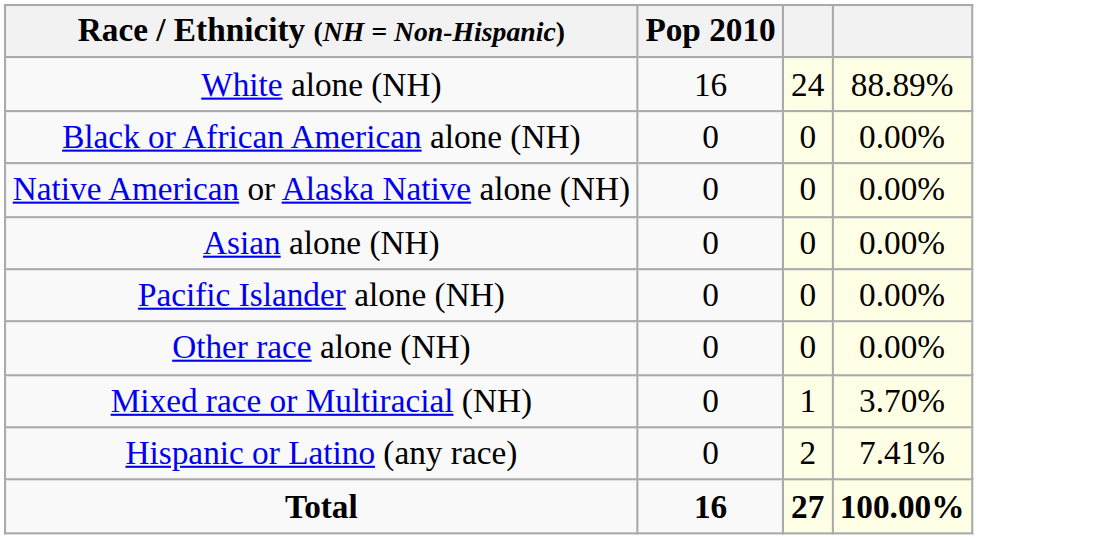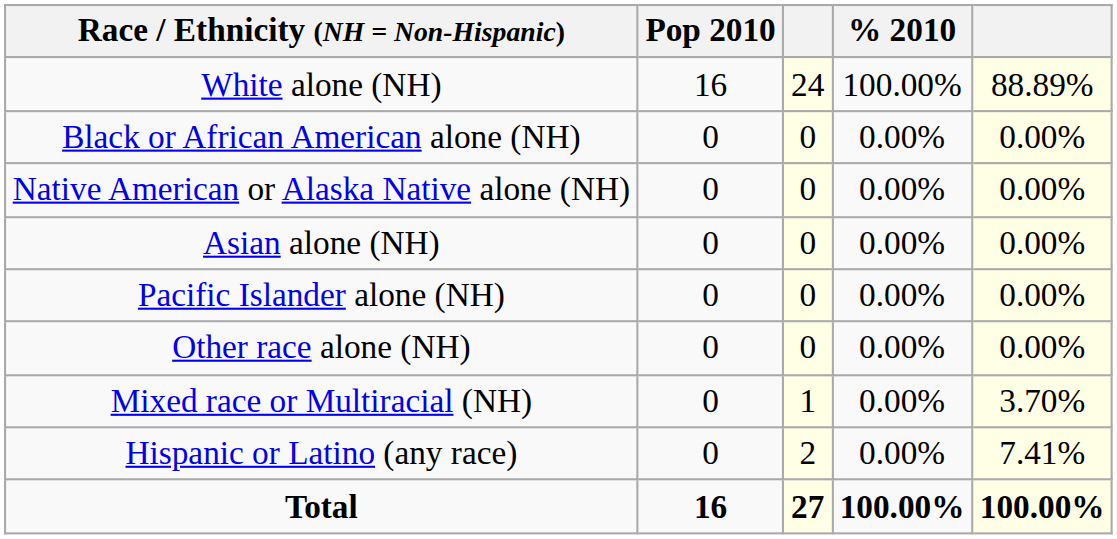 <table class="wikitable" style="text-align:center;">
 <tr>
 <th>Race / Ethnicity <small>(<em>NH = Non-Hispanic</em>)</small></th>
 <th>Pop 2010</th>
 <th></th>
+<th>% 2010</th>
 <th></th>
 </tr>
 <tr>
 <td><a href='#'>White</a> alone (NH)</td>
 <td>16</td>
 <td style='background: #ffffe6;'>24</td>
+<td>100.00%</td>
 <td style='background: #ffffe6;'>88.89%</td>
 </tr>
 <tr>
 <td><a href='#'>Black or African American</a> alone (NH)</td>
 <td>0</td>
 <td style='background: #ffffe6;'>0</td>
+<td>0.00%</td>
 <td style='background: #ffffe6;'>0.00%</td>
 </tr>
 <tr>
 <td><a href='#'>Native American</a> or <a href='#'>Alaska Native</a> alone (NH)</td>
 <td>0</td>
 <td style='background: #ffffe6;'>0</td>
+<td>0.00%</td>
 <td style='background: #ffffe6;'>0.00%</td>
 </tr>
 <tr>
 <td><a href='#'>Asian</a> alone (NH)</td>
 <td>0</td>
 <td style='background: #ffffe6;'>0</td>
+<td>0.00%</td>
 <td style='background: #ffffe6;'>0.00%</td>
 </tr>
 <tr>
 <td><a href='#'>Pacific Islander</a> alone (NH)</td>
 <td>0</td>
 <td style='background: #ffffe6;'>0</td>
+<td>0.00%</td>
 <td style='background: #ffffe6;'>0.00%</td>
 </tr>
 <tr>
 <td><a href='#'>Other race</a> alone (NH)</td>
 <td>0</td>
 <td style='background: #ffffe6;'>0</td>
+<td>0.00%</td>
 <td style='background: #ffffe6;'>0.00%</td>
 </tr>
 <tr>
 <td><a href='#'>Mixed race or Multiracial</a> (NH)</td>
 <td>0</td>
 <td style='background: #ffffe6;'>1</td>
+<td>0.00%</td>
 <td style='background: #ffffe6;'>3.70%</td>
 </tr>
 <tr>
 <td><a href='#'>Hispanic or Latino</a> (any race)</td>
 <td>0</td>
 <td style='background: #ffffe6;'>2</td>
+<td>0.00%</td>
 <td style='background: #ffffe6;'>7.41%</td>
 </tr>
 <tr>
 <td><strong>Total</strong></td>
 <td><strong>16</strong></td>
 <td style='background: #ffffe6;'><strong>27</strong></td>
+<td><strong>100.00%</strong></td>
 <td style='background: #ffffe6;'><strong>100.00%</strong></td>
 </tr>
 </table>
